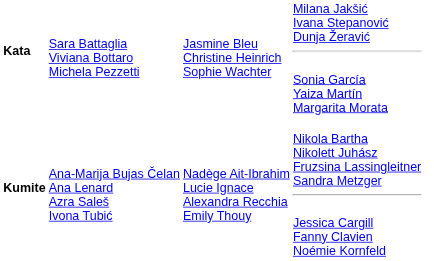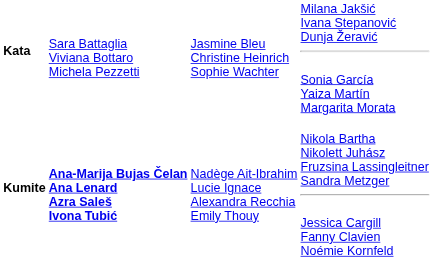 <table>
 <tr>
 <td><strong>Kata</strong></td>
 <td><br><a href='#'>Sara Battaglia</a><br><a href='#'>Viviana Bottaro</a><br><a href='#'>Michela Pezzetti</a></td>
 <td><br><a href='#'>Jasmine Bleu</a><br><a href='#'>Christine Heinrich</a><br><a href='#'>Sophie Wachter</a></td>
 <td><br><a href='#'>Milana Jakšić</a><br><a href='#'>Ivana Stepanović</a><br><a href='#'>Dunja Žeravić</a><hr><br><a href='#'>Sonia García</a><br><a href='#'>Yaiza Martín</a><br><a href='#'>Margarita Morata</a></td>
 </tr>
 <tr>
 <td><strong>Kumite</strong></td>
-<td><br><a href='#'>Ana-Marija Bujas Čelan</a><br><a href='#'>Ana Lenard</a><br><a href='#'>Azra Saleš</a><br><a href='#'>Ivona Tubić</a></td>
+<td><strong><br><a href='#'>Ana-Marija Bujas Čelan</a><br><a href='#'>Ana Lenard</a><br><a href='#'>Azra Saleš</a><br><a href='#'>Ivona Tubić</a></strong></td>
 <td><br><a href='#'>Nadège Ait-Ibrahim</a><br><a href='#'>Lucie Ignace</a><br><a href='#'>Alexandra Recchia</a><br><a href='#'>Emily Thouy</a></td>
 <td><br><a href='#'>Nikola Bartha</a><br><a href='#'>Nikolett Juhász</a><br><a href='#'>Fruzsina Lassingleitner</a><br><a href='#'>Sandra Metzger</a><hr><br><a href='#'>Jessica Cargill</a><br><a href='#'>Fanny Clavien</a><br><a href='#'>Noémie Kornfeld</a></td>
 </tr>
 </table>
